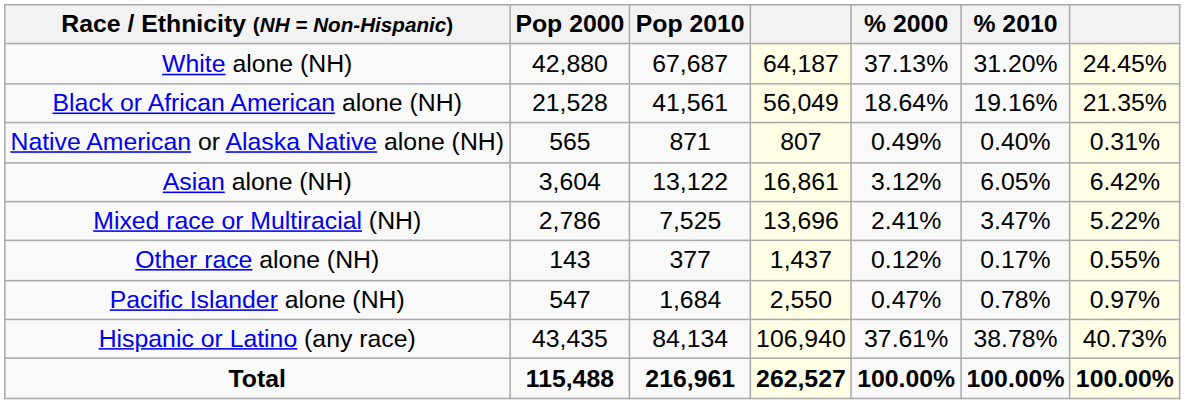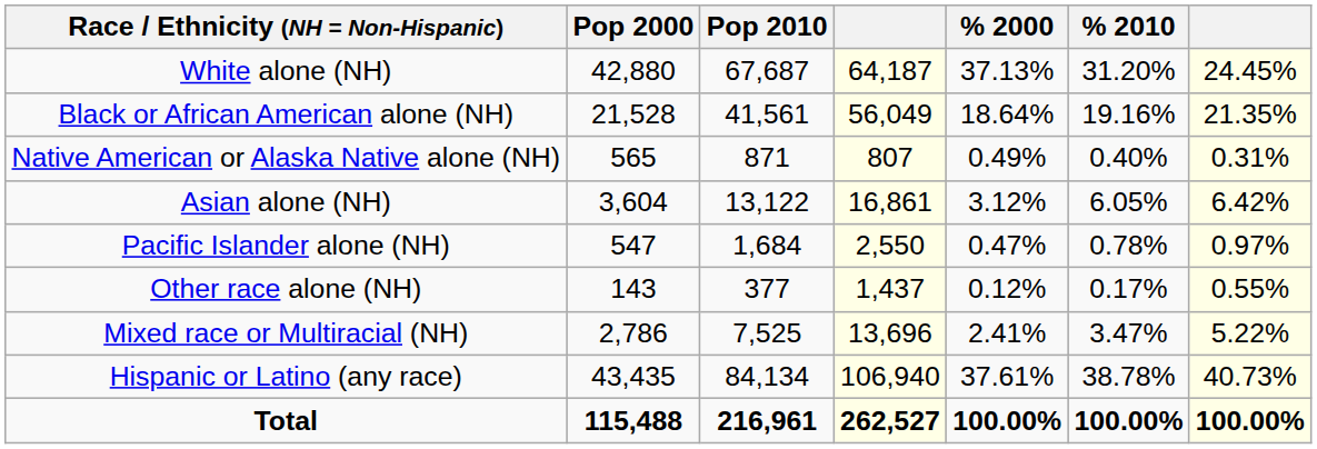 <table class="wikitable" style="text-align:center;">
 <tr>
 <th>Race / Ethnicity <small>(<em>NH = Non-Hispanic</em>)</small></th>
 <th>Pop 2000</th>
 <th>Pop 2010</th>
 <th></th>
 <th>% 2000</th>
 <th>% 2010</th>
 <th></th>
 </tr>
 <tr>
 <td><a href='#'>White</a> alone (NH)</td>
 <td>42,880</td>
 <td>67,687</td>
 <td style='background: #ffffe6;'>64,187</td>
 <td>37.13%</td>
 <td>31.20%</td>
 <td style='background: #ffffe6;'>24.45%</td>
 </tr>
 <tr>
 <td><a href='#'>Black or African American</a> alone (NH)</td>
 <td>21,528</td>
 <td>41,561</td>
 <td style='background: #ffffe6;'>56,049</td>
 <td>18.64%</td>
 <td>19.16%</td>
 <td style='background: #ffffe6;'>21.35%</td>
 </tr>
 <tr>
 <td><a href='#'>Native American</a> or <a href='#'>Alaska Native</a> alone (NH)</td>
 <td>565</td>
 <td>871</td>
 <td style='background: #ffffe6;'>807</td>
 <td>0.49%</td>
 <td>0.40%</td>
 <td style='background: #ffffe6;'>0.31%</td>
 </tr>
 <tr>
 <td><a href='#'>Asian</a> alone (NH)</td>
 <td>3,604</td>
 <td>13,122</td>
 <td style='background: #ffffe6;'>16,861</td>
 <td>3.12%</td>
 <td>6.05%</td>
 <td style='background: #ffffe6;'>6.42%</td>
 </tr>
 <tr>
-<td><a href='#'>Mixed race or Multiracial</a> (NH)</td>
-<td>2,786</td>
-<td>7,525</td>
-<td style='background: #ffffe6;'>13,696</td>
-<td>2.41%</td>
-<td>3.47%</td>
-<td style='background: #ffffe6;'>5.22%</td>
+<td><a href='#'>Pacific Islander</a> alone (NH)</td>
+<td>547</td>
+<td>1,684</td>
+<td style='background: #ffffe6;'>2,550</td>
+<td>0.47%</td>
+<td>0.78%</td>
+<td style='background: #ffffe6;'>0.97%</td>
 </tr>
 <tr>
 <td><a href='#'>Other race</a> alone (NH)</td>
 <td>143</td>
 <td>377</td>
 <td style='background: #ffffe6;'>1,437</td>
 <td>0.12%</td>
 <td>0.17%</td>
 <td style='background: #ffffe6;'>0.55%</td>
 </tr>
 <tr>
-<td><a href='#'>Pacific Islander</a> alone (NH)</td>
-<td>547</td>
-<td>1,684</td>
-<td style='background: #ffffe6;'>2,550</td>
-<td>0.47%</td>
-<td>0.78%</td>
-<td style='background: #ffffe6;'>0.97%</td>
+<td><a href='#'>Mixed race or Multiracial</a> (NH)</td>
+<td>2,786</td>
+<td>7,525</td>
+<td style='background: #ffffe6;'>13,696</td>
+<td>2.41%</td>
+<td>3.47%</td>
+<td style='background: #ffffe6;'>5.22%</td>
 </tr>
 <tr>
 <td><a href='#'>Hispanic or Latino</a> (any race)</td>
 <td>43,435</td>
 <td>84,134</td>
 <td style='background: #ffffe6;'>106,940</td>
 <td>37.61%</td>
 <td>38.78%</td>
 <td style='background: #ffffe6;'>40.73%</td>
 </tr>
 <tr>
 <td><strong>Total</strong></td>
 <td><strong>115,488</strong></td>
 <td><strong>216,961</strong></td>
 <td style='background: #ffffe6;'><strong>262,527</strong></td>
 <td><strong>100.00%</strong></td>
 <td><strong>100.00%</strong></td>
 <td style='background: #ffffe6;'><strong>100.00%</strong></td>
 </tr>
 </table>
